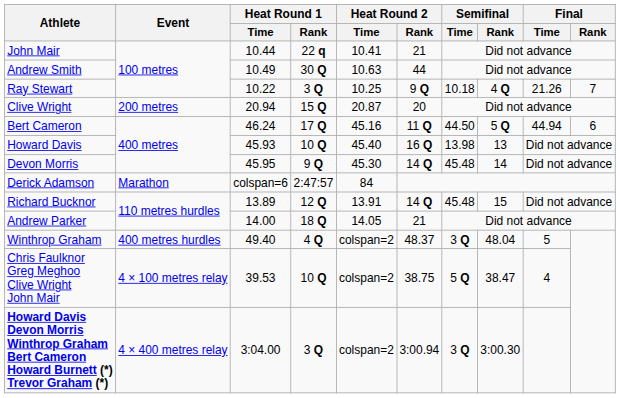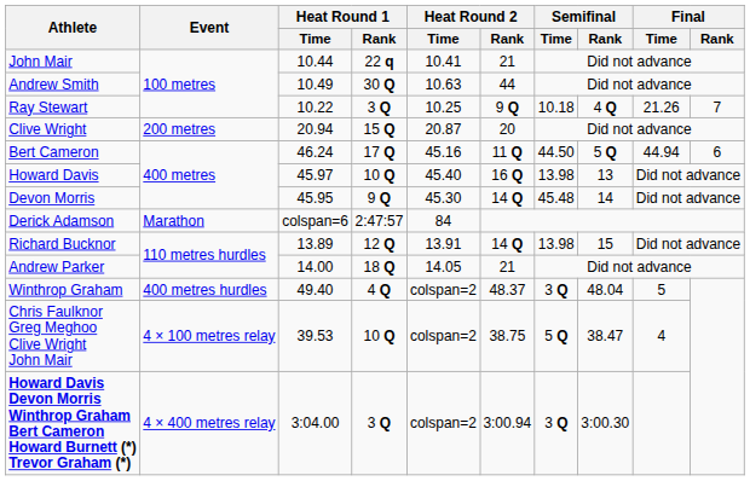 <table class=wikitable style="font-size:90%; text-align:center">
 <tr>
 <th rowspan=2>Athlete</th>
 <th rowspan=2>Event</th>
 <th colspan=2>Heat Round 1</th>
 <th colspan=2>Heat Round 2</th>
 <th colspan=2>Semifinal</th>
 <th colspan=2>Final</th>
 </tr>
 <tr style=font-size:95%>
 <th>Time</th>
 <th>Rank</th>
 <th>Time</th>
 <th>Rank</th>
 <th>Time</th>
 <th>Rank</th>
 <th>Time</th>
 <th>Rank</th>
 </tr>
 <tr align=center>
 <td align=left><a href='#'>John Mair</a></td>
 <td align=left rowspan=3><a href='#'>100 metres</a></td>
 <td>10.44</td>
 <td>22 <strong>q</strong></td>
 <td>10.41</td>
 <td>21</td>
 <td colspan=4>Did not advance</td>
 </tr>
 <tr align=center>
 <td align=left><a href='#'>Andrew Smith</a></td>
 <td>10.49</td>
 <td>30 <strong>Q</strong></td>
 <td>10.63</td>
 <td>44</td>
 <td colspan=4>Did not advance</td>
 </tr>
 <tr align=center>
 <td align=left><a href='#'>Ray Stewart</a></td>
 <td>10.22</td>
 <td>3 <strong>Q</strong></td>
 <td>10.25</td>
 <td>9 <strong>Q</strong></td>
 <td>10.18</td>
 <td>4 <strong>Q</strong></td>
 <td>21.26</td>
 <td>7</td>
 </tr>
 <tr align=center>
 <td align=left><a href='#'>Clive Wright</a></td>
 <td align=left><a href='#'>200 metres</a></td>
 <td>20.94</td>
 <td>15 <strong>Q</strong></td>
 <td>20.87</td>
 <td>20</td>
 <td colspan=4>Did not advance</td>
 </tr>
 <tr align=center>
 <td align=left><a href='#'>Bert Cameron</a></td>
 <td align=left rowspan=3><a href='#'>400 metres</a></td>
 <td>46.24</td>
 <td>17 <strong>Q</strong></td>
 <td>45.16</td>
 <td>11 <strong>Q</strong></td>
 <td>44.50</td>
 <td>5 <strong>Q</strong></td>
 <td>44.94</td>
 <td>6</td>
 </tr>
 <tr align=center>
 <td align=left><a href='#'>Howard Davis</a></td>
-<td>45.93</td>
+<td>45.97</td>
 <td>10 <strong>Q</strong></td>
 <td>45.40</td>
 <td>16 <strong>Q</strong></td>
 <td>13.98</td>
 <td>13</td>
 <td colspan=2>Did not advance</td>
 </tr>
 <tr align=center>
 <td align=left><a href='#'>Devon Morris</a></td>
 <td>45.95</td>
 <td>9 <strong>Q</strong></td>
 <td>45.30</td>
 <td>14 <strong>Q</strong></td>
 <td>45.48</td>
 <td>14</td>
 <td colspan=2>Did not advance</td>
 </tr>
 <tr align=center>
 <td align=left><a href='#'>Derick Adamson</a></td>
 <td align=left><a href='#'>Marathon</a></td>
 <td>colspan=6</td>
 <td>2:47:57</td>
 <td>84</td>
 </tr>
 <tr align=center>
 <td align=left><a href='#'>Richard Bucknor</a></td>
 <td align=left rowspan=2><a href='#'>110 metres hurdles</a></td>
 <td>13.89</td>
 <td>12 <strong>Q</strong></td>
 <td>13.91</td>
 <td>14 <strong>Q</strong></td>
-<td>45.48</td>
+<td>13.98</td>
 <td>15</td>
 <td colspan=2>Did not advance</td>
 </tr>
 <tr align=center>
 <td align=left><a href='#'>Andrew Parker</a></td>
 <td>14.00</td>
 <td>18 <strong>Q</strong></td>
 <td>14.05</td>
 <td>21</td>
 <td colspan=4>Did not advance</td>
 </tr>
 <tr align=center>
 <td align=left><a href='#'>Winthrop Graham</a></td>
 <td align=left><a href='#'>400 metres hurdles</a></td>
 <td>49.40</td>
 <td>4 <strong>Q</strong></td>
 <td>colspan=2</td>
 <td>48.37</td>
 <td>3 <strong>Q</strong></td>
 <td>48.04</td>
 <td>5</td>
 </tr>
 <tr align=center>
 <td align=left><a href='#'>Chris Faulknor</a><br><a href='#'>Greg Meghoo</a><br><a href='#'>Clive Wright</a><br><a href='#'>John Mair</a></td>
 <td align=left><a href='#'>4 × 100 metres relay</a></td>
 <td>39.53</td>
 <td>10 <strong>Q</strong></td>
 <td>colspan=2</td>
 <td>38.75</td>
 <td>5 <strong>Q</strong></td>
 <td>38.47</td>
 <td>4</td>
 </tr>
 <tr align=center>
 <td align=left><strong><a href='#'>Howard Davis</a><br><a href='#'>Devon Morris</a><br><a href='#'>Winthrop Graham</a><br><a href='#'>Bert Cameron</a><br><a href='#'>Howard Burnett</a> (*)<br><a href='#'>Trevor Graham</a> (*)</strong></td>
 <td align=left><a href='#'>4 × 400 metres relay</a></td>
 <td>3:04.00</td>
 <td>3 <strong>Q</strong></td>
 <td>colspan=2</td>
 <td>3:00.94</td>
 <td>3 <strong>Q</strong></td>
 <td>3:00.30</td>
 <td></td>
 </tr>
 </table>
